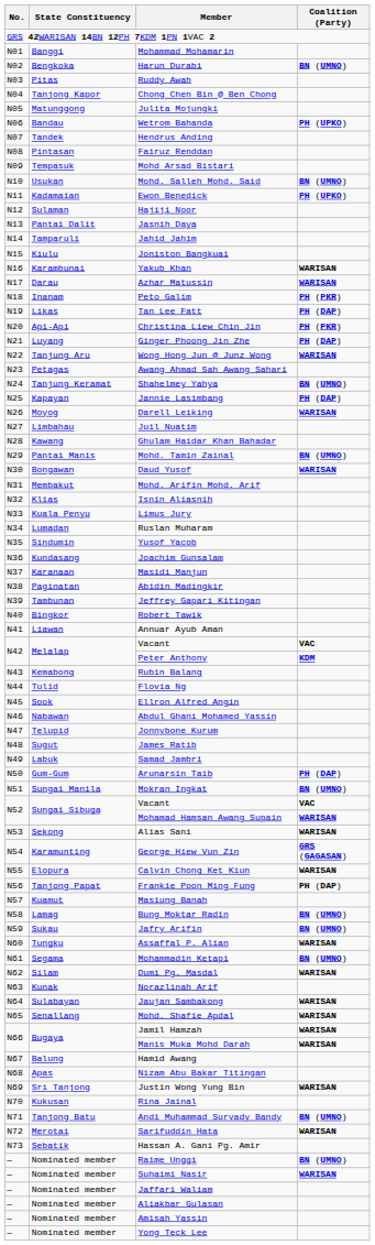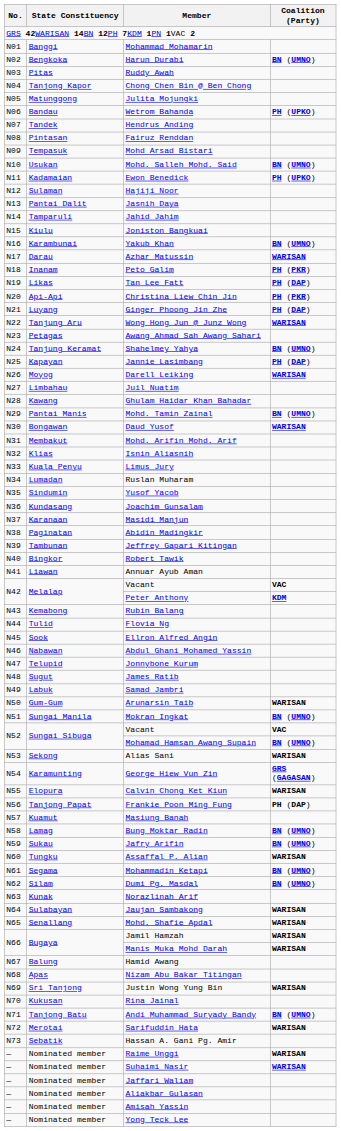 <table class="wikitable sortable">
 <tr>
 <th style="width:30px;">No.</th>
 <th style="width:150px;">State Constituency</th>
 <th style="width:230px;">Member</th>
 <th style="width:100px;">Coalition (Party)</th>
 </tr>
 <tr>
 <td colspan="4"><a href='#'>GRS</a> <strong>42</strong><a href='#'>WARISAN</a> <strong>14</strong><a href='#'>BN</a> <strong>12</strong><a href='#'>PH</a> <strong>7</strong><a href='#'>KDM</a> <strong>1</strong><a href='#'>PN</a> <strong>1</strong>VAC <strong>2</strong></td>
 </tr>
 <tr>
 <td>N01</td>
 <td><a href='#'>Banggi</a></td>
 <td><a href='#'>Mohammad Mohamarin</a></td>
 <td></td>
 </tr>
 <tr>
 <td>N02</td>
 <td><a href='#'>Bengkoka</a></td>
 <td><a href='#'>Harun Durabi</a></td>
 <td><strong><a href='#'>BN</a></strong> (<strong><a href='#'>UMNO</a></strong>)</td>
 </tr>
 <tr>
 <td>N03</td>
 <td><a href='#'>Pitas</a></td>
 <td><a href='#'>Ruddy Awah</a></td>
 <td></td>
 </tr>
 <tr>
 <td>N04</td>
 <td><a href='#'>Tanjong Kapor</a></td>
 <td><a href='#'>Chong Chen Bin @ Ben Chong</a></td>
 <td></td>
 </tr>
 <tr>
 <td>N05</td>
 <td><a href='#'>Matunggong</a></td>
 <td><a href='#'>Julita Mojungki</a></td>
 <td></td>
 </tr>
 <tr>
 <td>N06</td>
 <td><a href='#'>Bandau</a></td>
 <td><a href='#'>Wetrom Bahanda</a></td>
 <td><strong><a href='#'>PH</a></strong> (<strong><a href='#'>UPKO</a></strong>)</td>
 </tr>
 <tr>
 <td>N07</td>
 <td><a href='#'>Tandek</a></td>
 <td><a href='#'>Hendrus Anding</a></td>
 <td></td>
 </tr>
 <tr>
 <td>N08</td>
 <td><a href='#'>Pintasan</a></td>
 <td><a href='#'>Fairuz Renddan</a></td>
 <td></td>
 </tr>
 <tr>
 <td>N09</td>
 <td><a href='#'>Tempasuk</a></td>
 <td><a href='#'>Mohd Arsad Bistari</a></td>
 <td></td>
 </tr>
 <tr>
 <td>N10</td>
 <td><a href='#'>Usukan</a></td>
 <td><a href='#'>Mohd. Salleh Mohd. Said</a></td>
 <td><strong><a href='#'>BN</a></strong> (<strong><a href='#'>UMNO</a></strong>)</td>
 </tr>
 <tr>
 <td>N11</td>
 <td><a href='#'>Kadamaian</a></td>
 <td><a href='#'>Ewon Benedick</a></td>
 <td><strong><a href='#'>PH</a></strong> (<strong><a href='#'>UPKO</a></strong>)</td>
 </tr>
 <tr>
 <td>N12</td>
 <td><a href='#'>Sulaman</a></td>
 <td><a href='#'>Hajiji Noor</a></td>
 <td></td>
 </tr>
 <tr>
 <td>N13</td>
 <td><a href='#'>Pantai Dalit</a></td>
 <td><a href='#'>Jasnih Daya</a></td>
 <td></td>
 </tr>
 <tr>
 <td>N14</td>
 <td><a href='#'>Tamparuli</a></td>
 <td><a href='#'>Jahid Jahim</a></td>
 <td></td>
 </tr>
 <tr>
 <td>N15</td>
 <td><a href='#'>Kiulu</a></td>
 <td><a href='#'>Joniston Bangkuai</a></td>
 <td></td>
 </tr>
 <tr>
 <td>N16</td>
 <td><a href='#'>Karambunai</a></td>
 <td><a href='#'>Yakub Khan</a></td>
-<td><strong>WARISAN</strong></td>
+<td><strong><a href='#'>BN</a></strong> (<strong><a href='#'>UMNO</a></strong>)</td>
 </tr>
 <tr>
 <td>N17</td>
 <td><a href='#'>Darau</a></td>
 <td><a href='#'>Azhar Matussin</a></td>
 <td><strong><a href='#'>WARISAN</a></strong></td>
 </tr>
 <tr>
 <td>N18</td>
 <td><a href='#'>Inanam</a></td>
 <td><a href='#'>Peto Galim</a></td>
 <td><strong><a href='#'>PH</a></strong> (<strong><a href='#'>PKR</a></strong>)</td>
 </tr>
 <tr>
 <td>N19</td>
 <td><a href='#'>Likas</a></td>
 <td><a href='#'>Tan Lee Fatt</a></td>
 <td><strong><a href='#'>PH</a></strong> (<strong><a href='#'>DAP</a></strong>)</td>
 </tr>
 <tr>
 <td>N20</td>
 <td><a href='#'>Api-Api</a></td>
 <td><a href='#'>Christina Liew Chin Jin</a></td>
 <td><strong><a href='#'>PH</a></strong> (<strong><a href='#'>PKR</a></strong>)</td>
 </tr>
 <tr>
 <td>N21</td>
 <td><a href='#'>Luyang</a></td>
 <td><a href='#'>Ginger Phoong Jin Zhe</a></td>
 <td><strong><a href='#'>PH</a></strong> (<strong><a href='#'>DAP</a></strong>)</td>
 </tr>
 <tr>
 <td>N22</td>
 <td><a href='#'>Tanjung Aru</a></td>
 <td><a href='#'>Wong Hong Jun @ Junz Wong</a></td>
 <td><strong><a href='#'>WARISAN</a></strong></td>
 </tr>
 <tr>
 <td>N23</td>
 <td><a href='#'>Petagas</a></td>
 <td><a href='#'>Awang Ahmad Sah Awang Sahari</a></td>
 <td></td>
 </tr>
 <tr>
 <td>N24</td>
 <td><a href='#'>Tanjung Keramat</a></td>
 <td><a href='#'>Shahelmey Yahya</a></td>
 <td><strong><a href='#'>BN</a></strong> (<strong><a href='#'>UMNO</a></strong>)</td>
 </tr>
 <tr>
 <td>N25</td>
 <td><a href='#'>Kapayan</a></td>
 <td><a href='#'>Jannie Lasimbang</a></td>
 <td><strong><a href='#'>PH</a></strong> (<strong><a href='#'>DAP</a></strong>)</td>
 </tr>
 <tr>
 <td>N26</td>
 <td><a href='#'>Moyog</a></td>
 <td><a href='#'>Darell Leiking</a></td>
 <td><strong><a href='#'>WARISAN</a></strong></td>
 </tr>
 <tr>
 <td>N27</td>
 <td><a href='#'>Limbahau</a></td>
 <td><a href='#'>Juil Nuatim</a></td>
 <td></td>
 </tr>
 <tr>
 <td>N28</td>
 <td><a href='#'>Kawang</a></td>
 <td><a href='#'>Ghulam Haidar Khan Bahadar</a></td>
 <td></td>
 </tr>
 <tr>
 <td>N29</td>
 <td><a href='#'>Pantai Manis</a></td>
 <td><a href='#'>Mohd. Tamin Zainal</a></td>
 <td><strong><a href='#'>BN</a></strong> (<strong><a href='#'>UMNO</a></strong>)</td>
 </tr>
 <tr>
 <td>N30</td>
 <td><a href='#'>Bongawan</a></td>
 <td><a href='#'>Daud Yusof</a></td>
 <td><strong><a href='#'>WARISAN</a></strong></td>
 </tr>
 <tr>
 <td>N31</td>
 <td><a href='#'>Membakut</a></td>
 <td><a href='#'>Mohd. Arifin Mohd. Arif</a></td>
 <td></td>
 </tr>
 <tr>
 <td>N32</td>
 <td><a href='#'>Klias</a></td>
 <td><a href='#'>Isnin Aliasnih</a></td>
 <td></td>
 </tr>
 <tr>
 <td>N33</td>
 <td><a href='#'>Kuala Penyu</a></td>
 <td><a href='#'>Limus Jury</a></td>
 <td></td>
 </tr>
 <tr>
 <td>N34</td>
 <td><a href='#'>Lumadan</a></td>
 <td>Ruslan Muharam</td>
 <td></td>
 </tr>
 <tr>
 <td>N35</td>
 <td><a href='#'>Sindumin</a></td>
 <td><a href='#'>Yusof Yacob</a></td>
 <td></td>
 </tr>
 <tr>
 <td>N36</td>
 <td><a href='#'>Kundasang</a></td>
 <td><a href='#'>Joachim Gunsalam</a></td>
 <td></td>
 </tr>
 <tr>
 <td>N37</td>
 <td><a href='#'>Karanaan</a></td>
 <td><a href='#'>Masidi Manjun</a></td>
 <td></td>
 </tr>
 <tr>
 <td>N38</td>
 <td><a href='#'>Paginatan</a></td>
 <td><a href='#'>Abidin Madingkir</a></td>
 <td></td>
 </tr>
 <tr>
 <td>N39</td>
 <td><a href='#'>Tambunan</a></td>
 <td><a href='#'>Jeffrey Gapari Kitingan</a></td>
 <td></td>
 </tr>
 <tr>
 <td>N40</td>
 <td><a href='#'>Bingkor</a></td>
 <td><a href='#'>Robert Tawik</a></td>
 <td></td>
 </tr>
 <tr>
 <td>N41</td>
 <td><a href='#'>Liawan</a></td>
 <td>Annuar Ayub Aman</td>
 <td></td>
 </tr>
 <tr>
 <td rowspan=2>N42</td>
 <td rowspan=2><a href='#'>Melalap</a></td>
 <td>Vacant </td>
 <td><strong>VAC</strong></td>
 </tr>
 <tr>
 <td><a href='#'>Peter Anthony</a> </td>
 <td><strong><a href='#'>KDM</a></strong></td>
 </tr>
 <tr>
 <td>N43</td>
 <td><a href='#'>Kemabong</a></td>
 <td><a href='#'>Rubin Balang</a></td>
 <td></td>
 </tr>
 <tr>
 <td>N44</td>
 <td><a href='#'>Tulid</a></td>
 <td><a href='#'>Flovia Ng</a></td>
 <td></td>
 </tr>
 <tr>
 <td>N45</td>
 <td><a href='#'>Sook</a></td>
 <td><a href='#'>Ellron Alfred Angin</a></td>
 <td></td>
 </tr>
 <tr>
 <td>N46</td>
 <td><a href='#'>Nabawan</a></td>
 <td><a href='#'>Abdul Ghani Mohamed Yassin</a></td>
 <td></td>
 </tr>
 <tr>
 <td>N47</td>
 <td><a href='#'>Telupid</a></td>
 <td><a href='#'>Jonnybone Kurum</a></td>
 <td></td>
 </tr>
 <tr>
 <td>N48</td>
 <td><a href='#'>Sugut</a></td>
 <td><a href='#'>James Ratib</a></td>
 <td></td>
 </tr>
 <tr>
 <td>N49</td>
 <td><a href='#'>Labuk</a></td>
 <td><a href='#'>Samad Jambri</a></td>
 <td></td>
 </tr>
 <tr>
 <td>N50</td>
 <td><a href='#'>Gum-Gum</a></td>
 <td><a href='#'>Arunarsin Taib</a></td>
-<td><strong><a href='#'>PH</a></strong> (<strong><a href='#'>DAP</a></strong>)</td>
+<td><strong>WARISAN</strong></td>
 </tr>
 <tr>
 <td>N51</td>
 <td><a href='#'>Sungai Manila</a></td>
 <td><a href='#'>Mokran Ingkat</a></td>
 <td><strong><a href='#'>BN</a></strong> (<strong><a href='#'>UMNO</a></strong>)</td>
 </tr>
 <tr>
 <td rowspan=2>N52</td>
 <td rowspan=2><a href='#'>Sungai Sibuga</a></td>
 <td>Vacant </td>
 <td><strong>VAC</strong></td>
 </tr>
 <tr>
 <td><a href='#'>Mohamad Hamsan Awang Supain</a> </td>
-<td><strong><a href='#'>WARISAN</a></strong></td>
+<td><strong><a href='#'>BN</a></strong> (<strong><a href='#'>UMNO</a></strong>)</td>
 </tr>
 <tr>
 <td>N53</td>
 <td><a href='#'>Sekong</a></td>
 <td>Alias Sani</td>
 <td><strong>WARISAN</strong></td>
 </tr>
 <tr>
 <td>N54</td>
 <td><a href='#'>Karamunting</a></td>
 <td><a href='#'>George Hiew Vun Zin</a></td>
 <td style="background:"><strong><a href='#'>GRS</a></strong> (<strong><a href='#'>GAGASAN</a></strong>)</td>
 </tr>
 <tr>
 <td>N55</td>
 <td><a href='#'>Elopura</a></td>
 <td><a href='#'>Calvin Chong Ket Kiun</a></td>
 <td><strong>WARISAN</strong></td>
 </tr>
 <tr>
 <td>N56</td>
 <td><a href='#'>Tanjong Papat</a></td>
 <td><a href='#'>Frankie Poon Ming Fung</a></td>
 <td><strong>PH</strong> (<strong>DAP</strong>)</td>
 </tr>
 <tr>
 <td>N57</td>
 <td><a href='#'>Kuamut</a></td>
 <td><a href='#'>Masiung Banah</a></td>
 <td></td>
 </tr>
 <tr>
 <td>N58</td>
 <td><a href='#'>Lamag</a></td>
 <td><a href='#'>Bung Moktar Radin</a></td>
 <td><strong><a href='#'>BN</a></strong> (<strong><a href='#'>UMNO</a></strong>)</td>
 </tr>
 <tr>
 <td>N59</td>
 <td><a href='#'>Sukau</a></td>
 <td><a href='#'>Jafry Arifin</a></td>
 <td><strong><a href='#'>BN</a></strong> (<strong><a href='#'>UMNO</a></strong>)</td>
 </tr>
 <tr>
 <td>N60</td>
 <td><a href='#'>Tungku</a></td>
 <td><a href='#'>Assaffal P. Alian</a></td>
 <td><strong>WARISAN</strong></td>
 </tr>
 <tr>
 <td>N61</td>
 <td><a href='#'>Segama</a></td>
 <td><a href='#'>Mohammadin Ketapi</a></td>
 <td><strong><a href='#'>BN</a></strong> (<strong><a href='#'>UMNO</a></strong>)</td>
 </tr>
 <tr>
 <td>N62</td>
 <td><a href='#'>Silam</a></td>
 <td><a href='#'>Dumi Pg. Masdal</a></td>
-<td><strong>WARISAN</strong></td>
+<td><strong><a href='#'>BN</a></strong> (<strong><a href='#'>UMNO</a></strong>)</td>
 </tr>
 <tr>
 <td>N63</td>
 <td><a href='#'>Kunak</a></td>
 <td><a href='#'>Norazlinah Arif</a></td>
 <td></td>
 </tr>
 <tr>
 <td>N64</td>
 <td><a href='#'>Sulabayan</a></td>
 <td><a href='#'>Jaujan Sambakong</a></td>
 <td><strong>WARISAN</strong></td>
 </tr>
 <tr>
 <td>N65</td>
 <td><a href='#'>Senallang</a></td>
 <td><a href='#'>Mohd. Shafie Apdal</a></td>
 <td><strong>WARISAN</strong></td>
 </tr>
 <tr>
 <td rowspan="2">N66</td>
 <td rowspan="2"><a href='#'>Bugaya</a></td>
 <td>Jamil Hamzah </td>
 <td><strong>WARISAN</strong></td>
 </tr>
 <tr>
 <td><a href='#'>Manis Muka Mohd Darah</a> </td>
 <td><strong>WARISAN</strong></td>
 </tr>
 <tr>
 <td>N67</td>
 <td><a href='#'>Balung</a></td>
 <td>Hamid Awang</td>
 <td></td>
 </tr>
 <tr>
 <td>N68</td>
 <td><a href='#'>Apas</a></td>
 <td><a href='#'>Nizam Abu Bakar Titingan</a></td>
 <td></td>
 </tr>
 <tr>
 <td>N69</td>
 <td><a href='#'>Sri Tanjong</a></td>
 <td>Justin Wong Yung Bin</td>
 <td><strong>WARISAN</strong></td>
 </tr>
 <tr>
 <td>N70</td>
 <td><a href='#'>Kukusan</a></td>
 <td><a href='#'>Rina Jainal</a></td>
 <td></td>
 </tr>
 <tr>
 <td>N71</td>
 <td><a href='#'>Tanjong Batu</a></td>
 <td><a href='#'>Andi Muhammad Suryady Bandy</a></td>
 <td><strong><a href='#'>BN</a></strong> (<strong><a href='#'>UMNO</a></strong>)</td>
 </tr>
 <tr>
 <td>N72</td>
 <td><a href='#'>Merotai</a></td>
 <td><a href='#'>Sarifuddin Hata</a></td>
 <td><strong>WARISAN</strong></td>
 </tr>
 <tr>
 <td>N73</td>
 <td><a href='#'>Sebatik</a></td>
 <td>Hassan A. Gani Pg. Amir</td>
 <td></td>
 </tr>
 <tr>
 <td>—</td>
 <td>Nominated member</td>
 <td><a href='#'>Raime Unggi</a></td>
-<td><strong><a href='#'>BN</a></strong> (<strong><a href='#'>UMNO</a></strong>)</td>
+<td><strong>WARISAN</strong></td>
 </tr>
 <tr>
 <td>—</td>
 <td>Nominated member</td>
 <td><a href='#'>Suhaimi Nasir</a></td>
 <td><strong><a href='#'>WARISAN</a></strong></td>
 </tr>
 <tr>
 <td>—</td>
 <td>Nominated member</td>
 <td><a href='#'>Jaffari Waliam</a></td>
 <td></td>
 </tr>
 <tr>
 <td>—</td>
 <td>Nominated member</td>
 <td><a href='#'>Aliakbar Gulasan</a></td>
 <td></td>
 </tr>
 <tr>
 <td>—</td>
 <td>Nominated member</td>
 <td><a href='#'>Amisah Yassin</a></td>
 <td></td>
 </tr>
 <tr>
 <td>—</td>
 <td>Nominated member</td>
 <td><a href='#'>Yong Teck Lee</a></td>
 <td></td>
 </tr>
 </table>
